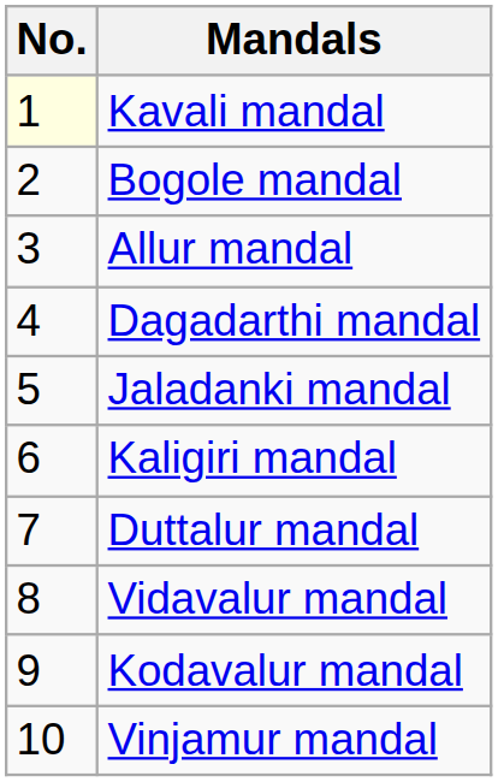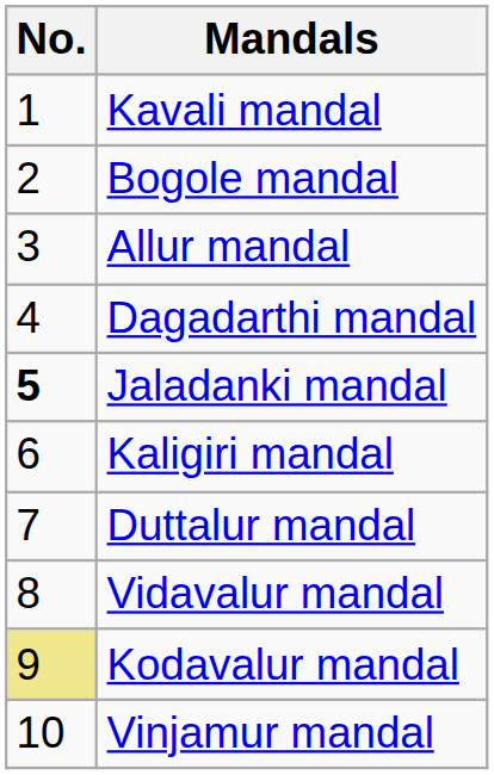 <table class="wikitable">
 <tr>
 <th>No.</th>
 <th>Mandals</th>
 </tr>
 <tr>
-<td style="background: lightyellow;">1</td>
+<td>1</td>
 <td><a href='#'>Kavali mandal</a></td>
 </tr>
 <tr>
 <td>2</td>
 <td><a href='#'>Bogole mandal</a></td>
 </tr>
 <tr>
 <td>3</td>
 <td><a href='#'>Allur mandal</a></td>
 </tr>
 <tr>
 <td>4</td>
 <td><a href='#'>Dagadarthi mandal</a></td>
 </tr>
 <tr>
-<td>5</td>
+<td><strong>5</strong></td>
 <td><a href='#'>Jaladanki mandal</a></td>
 </tr>
 <tr>
 <td>6</td>
 <td><a href='#'>Kaligiri mandal</a></td>
 </tr>
 <tr>
 <td>7</td>
 <td><a href='#'>Duttalur mandal</a></td>
 </tr>
 <tr>
 <td>8</td>
 <td><a href='#'>Vidavalur mandal</a></td>
 </tr>
 <tr>
-<td>9</td>
+<td style="background: khaki;">9</td>
 <td><a href='#'>Kodavalur mandal</a></td>
 </tr>
 <tr>
 <td>10</td>
 <td><a href='#'>Vinjamur mandal</a></td>
 </tr>
 </table>
